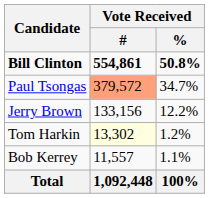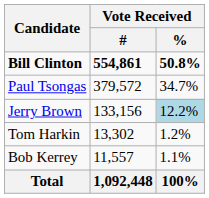 <table class="wikitable sortable">
 <tr>
 <th rowspan="2">Candidate</th>
 <th colspan="2">Vote Received</th>
 </tr>
 <tr>
 <th>#</th>
 <th>%</th>
 </tr>
 <tr>
 <td><strong>Bill Clinton</strong></td>
 <td><strong>554,861</strong></td>
 <td><strong>50.8%</strong></td>
 </tr>
 <tr>
 <td><a href='#'>Paul Tsongas</a></td>
-<td style="background: lightsalmon;">379,572</td>
+<td>379,572</td>
 <td>34.7%</td>
 </tr>
 <tr>
 <td><a href='#'>Jerry Brown</a></td>
 <td>133,156</td>
-<td>12.2%</td>
+<td style="background: lightblue;">12.2%</td>
 </tr>
 <tr>
 <td>Tom Harkin</td>
-<td style="background: lightyellow;">13,302</td>
+<td>13,302</td>
 <td>1.2%</td>
 </tr>
 <tr>
 <td>Bob Kerrey</td>
 <td>11,557</td>
 <td>1.1%</td>
 </tr>
 <tr>
 <th>Total</th>
 <th>1,092,448</th>
 <th>100%</th>
 </tr>
 </table>
